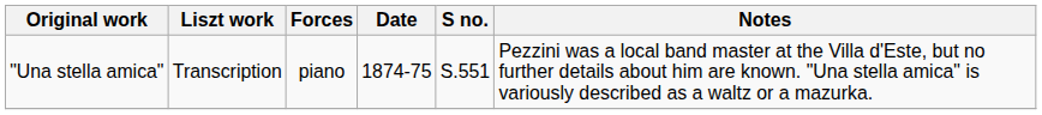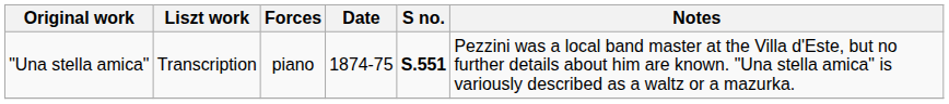 <table class="wikitable">
 <tr>
 <th>Original work</th>
 <th>Liszt work</th>
 <th>Forces</th>
 <th>Date</th>
 <th>S no.</th>
 <th>Notes</th>
 </tr>
 <tr>
 <td>"Una stella amica"</td>
 <td>Transcription</td>
 <td style="text-align: center">piano</td>
 <td>1874‑75</td>
-<td>S.551</td>
+<td><strong>S.551</strong></td>
 <td>Pezzini was a local band master at the Villa d'Este, but no further details about him are known. "Una stella amica" is variously described as a waltz or a mazurka.</td>
 </tr>
 <tr>
 </tr>
 </table>
